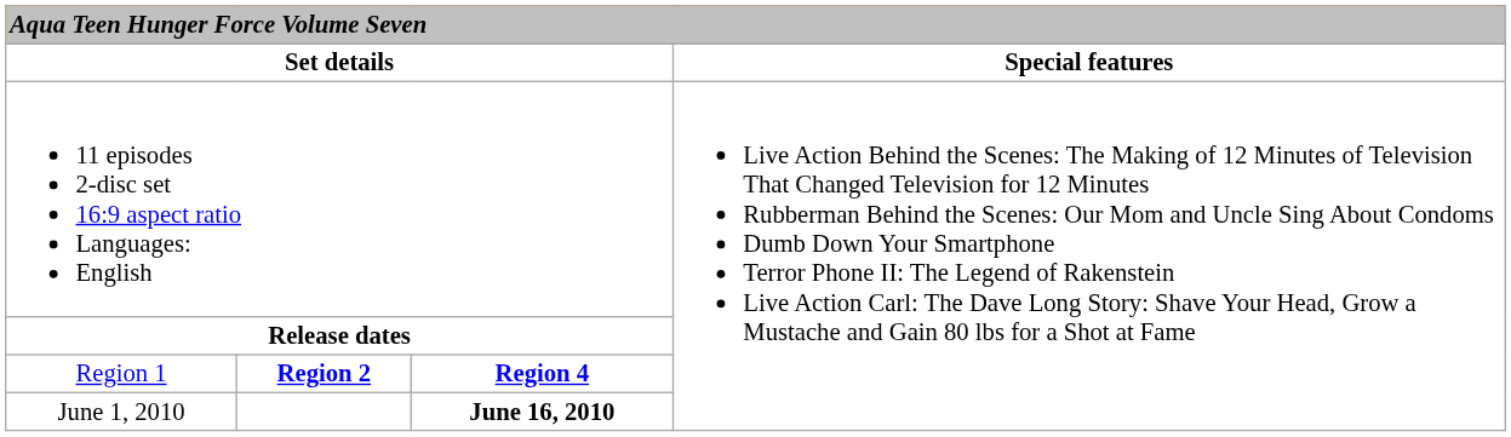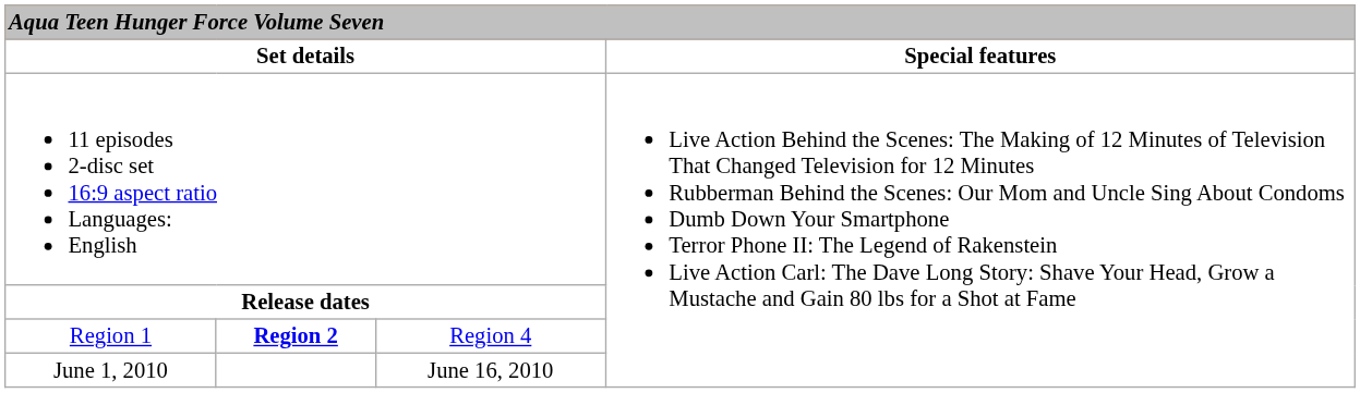 <table border="2" cellpadding="2" cellspacing="0" style="margin: 0 1em 0 0; background: #; border: 1px #aaa solid; border-collapse: collapse; font-size: 95%;">
 <tr style="background:#f93;">
 <td colspan="5" style="background:silver"><strong><em>Aqua Teen Hunger Force Volume Seven</em></strong></td>
 </tr>
 <tr style="vertical-align:top; text-align:center;">
 <td style="width:400px;" colspan="3"><strong>Set details</strong></td>
 <td style="width:300px; "><strong>Special features</strong></td>
 </tr>
 <tr valign="top">
 <td colspan="3"  style="text-align:left; width:200px;"><br><ul><li>11 episodes</li><li>2-disc set</li><li><a href='#'>16:9 aspect ratio</a></li><li>Languages:</li><li>English</li></ul></td>
 <td rowspan="4"  style="text-align:left; width:500px;"><br><ul><li>Live Action Behind the Scenes: The Making of 12 Minutes of Television That Changed Television for 12 Minutes</li><li>Rubberman Behind the Scenes: Our Mom and Uncle Sing About Condoms</li><li>Dumb Down Your Smartphone</li><li>Terror Phone II: The Legend of Rakenstein</li><li>Live Action Carl: The Dave Long Story: Shave Your Head, Grow a Mustache and Gain 80 lbs for a Shot at Fame</li></ul></td>
 </tr>
 <tr>
 <td colspan="3" style="text-align:center;"><strong>Release dates</strong></td>
 </tr>
 <tr>
 <td style="text-align:center;"><a href='#'>Region 1</a></td>
 <td style="text-align:center;"><strong><a href='#'>Region 2</a></strong></td>
-<td style="text-align:center;"><strong><a href='#'>Region 4</a></strong></td>
+<td style="text-align:center;"><a href='#'>Region 4</a></td>
 </tr>
 <tr>
 <td style="text-align:center;">June 1, 2010</td>
 <td></td>
-<td style="text-align:center;"><strong>June 16, 2010</strong></td>
+<td style="text-align:center;">June 16, 2010</td>
 </tr>
 </table>
